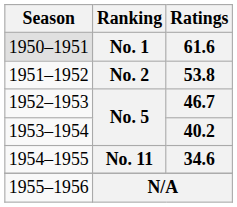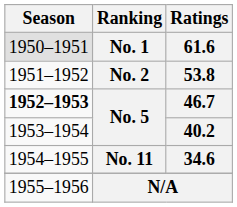 <table class="wikitable" style="margin:1em auto;">
 <tr style="background-color:#E0E0E0">
 <th>Season</th>
 <th>Ranking</th>
 <th>Ratings</th>
 </tr>
 <tr style="background-color:#E0E0E0">
 <td>1950–1951</td>
 <th style="text-align:center">No. 1</th>
 <th style="text-align:center">61.6</th>
 </tr>
 <tr style="background-color:#F9F9F9">
 <td>1951–1952</td>
 <th style="text-align:center">No. 2</th>
 <th style="text-align:center">53.8</th>
 </tr>
 <tr style="background-color:#F9F9F9">
-<td>1952–1953</td>
+<td><strong>1952–1953</strong></td>
 <th style="text-align:center" rowspan="2">No. 5</th>
 <th style="text-align:center">46.7</th>
 </tr>
 <tr style="background-color:#F9F9F9">
 <td>1953–1954</td>
 <th style="text-align:center">40.2</th>
 </tr>
 <tr style="background-color:#F9F9F9">
 <td>1954–1955</td>
 <th style="text-align:center">No. 11</th>
 <th style="text-align:center">34.6</th>
 </tr>
 <tr style="background-color:#F9F9F9">
 </tr>
 <tr>
 <td>1955–1956</td>
 <th style="text-align:center" colspan="2">N/A</th>
 </tr>
 </table>
